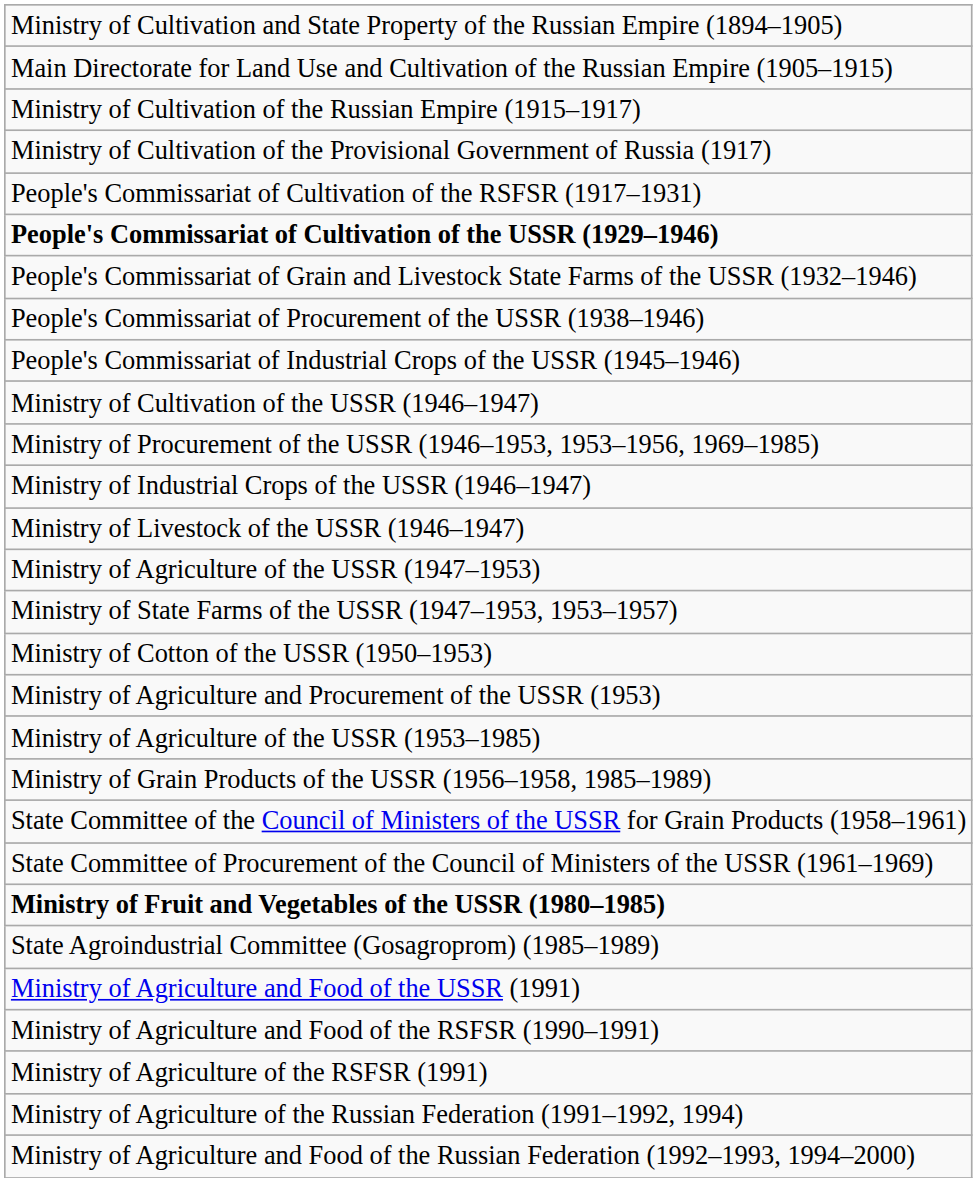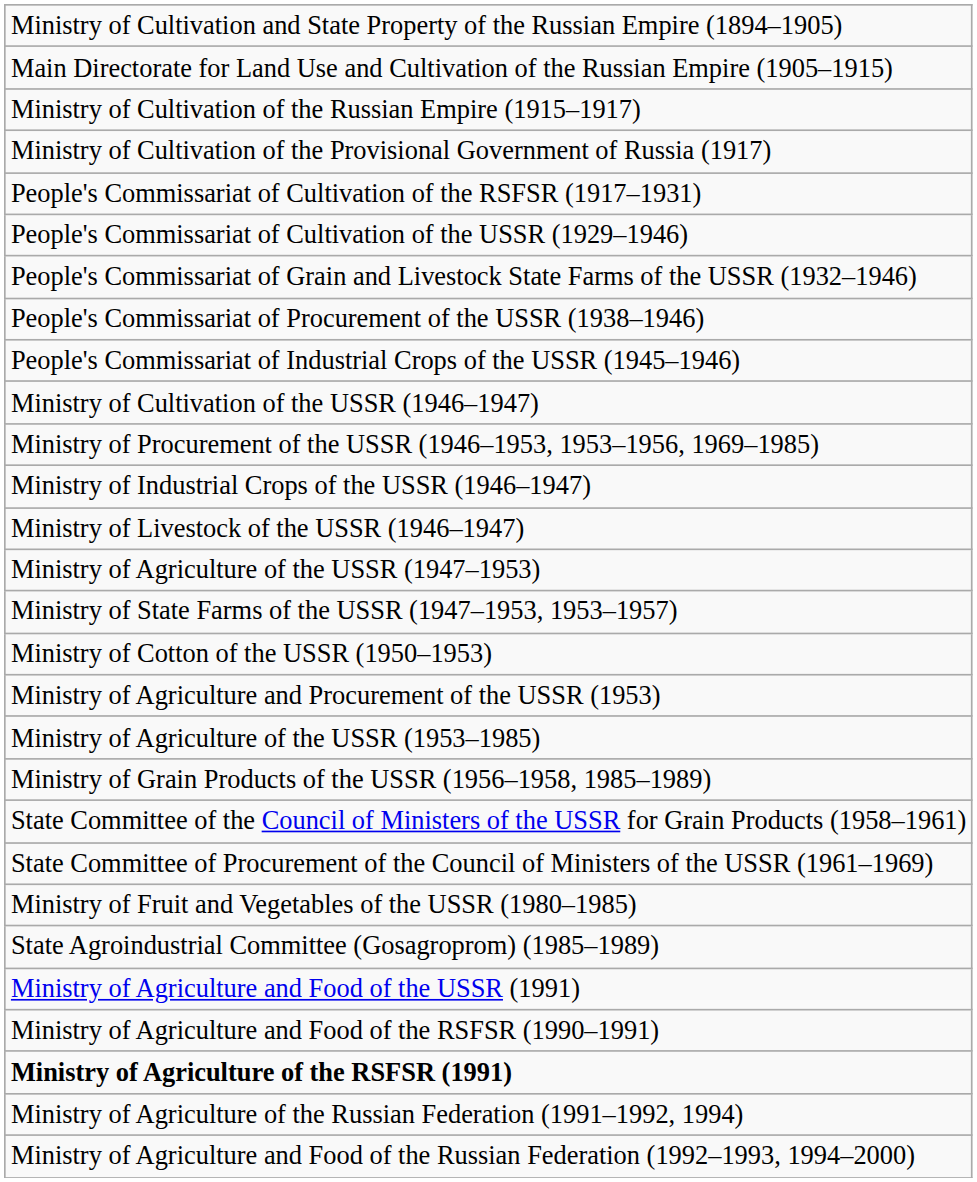 <table class="wikitable">
 <tr>
 <td>Ministry of Cultivation and State Property of the Russian Empire (1894–1905)</td>
 </tr>
 <tr>
 <td>Main Directorate for Land Use and Cultivation of the Russian Empire (1905–1915)</td>
 </tr>
 <tr>
 <td>Ministry of Cultivation of the Russian Empire (1915–1917)</td>
 </tr>
 <tr>
 <td>Ministry of Cultivation of the Provisional Government of Russia (1917)</td>
 </tr>
 <tr>
 <td>People's Commissariat of Cultivation of the RSFSR (1917–1931)</td>
 </tr>
 <tr>
-<td><strong>People's Commissariat of Cultivation of the USSR (1929–1946)</strong></td>
+<td>People's Commissariat of Cultivation of the USSR (1929–1946)</td>
 </tr>
 <tr>
 <td>People's Commissariat of Grain and Livestock State Farms of the USSR (1932–1946)</td>
 </tr>
 <tr>
 <td>People's Commissariat of Procurement of the USSR (1938–1946)</td>
 </tr>
 <tr>
 <td>People's Commissariat of Industrial Crops of the USSR (1945–1946)</td>
 </tr>
 <tr>
 <td>Ministry of Cultivation of the USSR (1946–1947)</td>
 </tr>
 <tr>
 <td>Ministry of Procurement of the USSR (1946–1953, 1953–1956, 1969–1985)</td>
 </tr>
 <tr>
 <td>Ministry of Industrial Crops of the USSR (1946–1947)</td>
 </tr>
 <tr>
 <td>Ministry of Livestock of the USSR (1946–1947)</td>
 </tr>
 <tr>
 <td>Ministry of Agriculture of the USSR (1947–1953)</td>
 </tr>
 <tr>
 <td>Ministry of State Farms of the USSR (1947–1953, 1953–1957)</td>
 </tr>
 <tr>
 <td>Ministry of Cotton of the USSR (1950–1953)</td>
 </tr>
 <tr>
 <td>Ministry of Agriculture and Procurement of the USSR (1953)</td>
 </tr>
 <tr>
 <td>Ministry of Agriculture of the USSR (1953–1985)</td>
 </tr>
 <tr>
 <td>Ministry of Grain Products of the USSR (1956–1958, 1985–1989)</td>
 </tr>
 <tr>
 <td>State Committee of the <a href='#'>Council of Ministers of the USSR</a> for Grain Products (1958–1961)</td>
 </tr>
 <tr>
 <td>State Committee of Procurement of the Council of Ministers of the USSR (1961–1969)</td>
 </tr>
 <tr>
-<td><strong>Ministry of Fruit and Vegetables of the USSR (1980–1985)</strong></td>
+<td>Ministry of Fruit and Vegetables of the USSR (1980–1985)</td>
 </tr>
 <tr>
 <td>State Agroindustrial Committee (Gosagroprom) (1985–1989)</td>
 </tr>
 <tr>
 <td><a href='#'>Ministry of Agriculture and Food of the USSR</a> (1991)</td>
 </tr>
 <tr>
 <td>Ministry of Agriculture and Food of the RSFSR (1990–1991)</td>
 </tr>
 <tr>
-<td>Ministry of Agriculture of the RSFSR (1991)</td>
+<td><strong>Ministry of Agriculture of the RSFSR (1991)</strong></td>
 </tr>
 <tr>
 <td>Ministry of Agriculture of the Russian Federation (1991–1992, 1994)</td>
 </tr>
 <tr>
 <td>Ministry of Agriculture and Food of the Russian Federation (1992–1993, 1994–2000)</td>
 </tr>
 </table>
